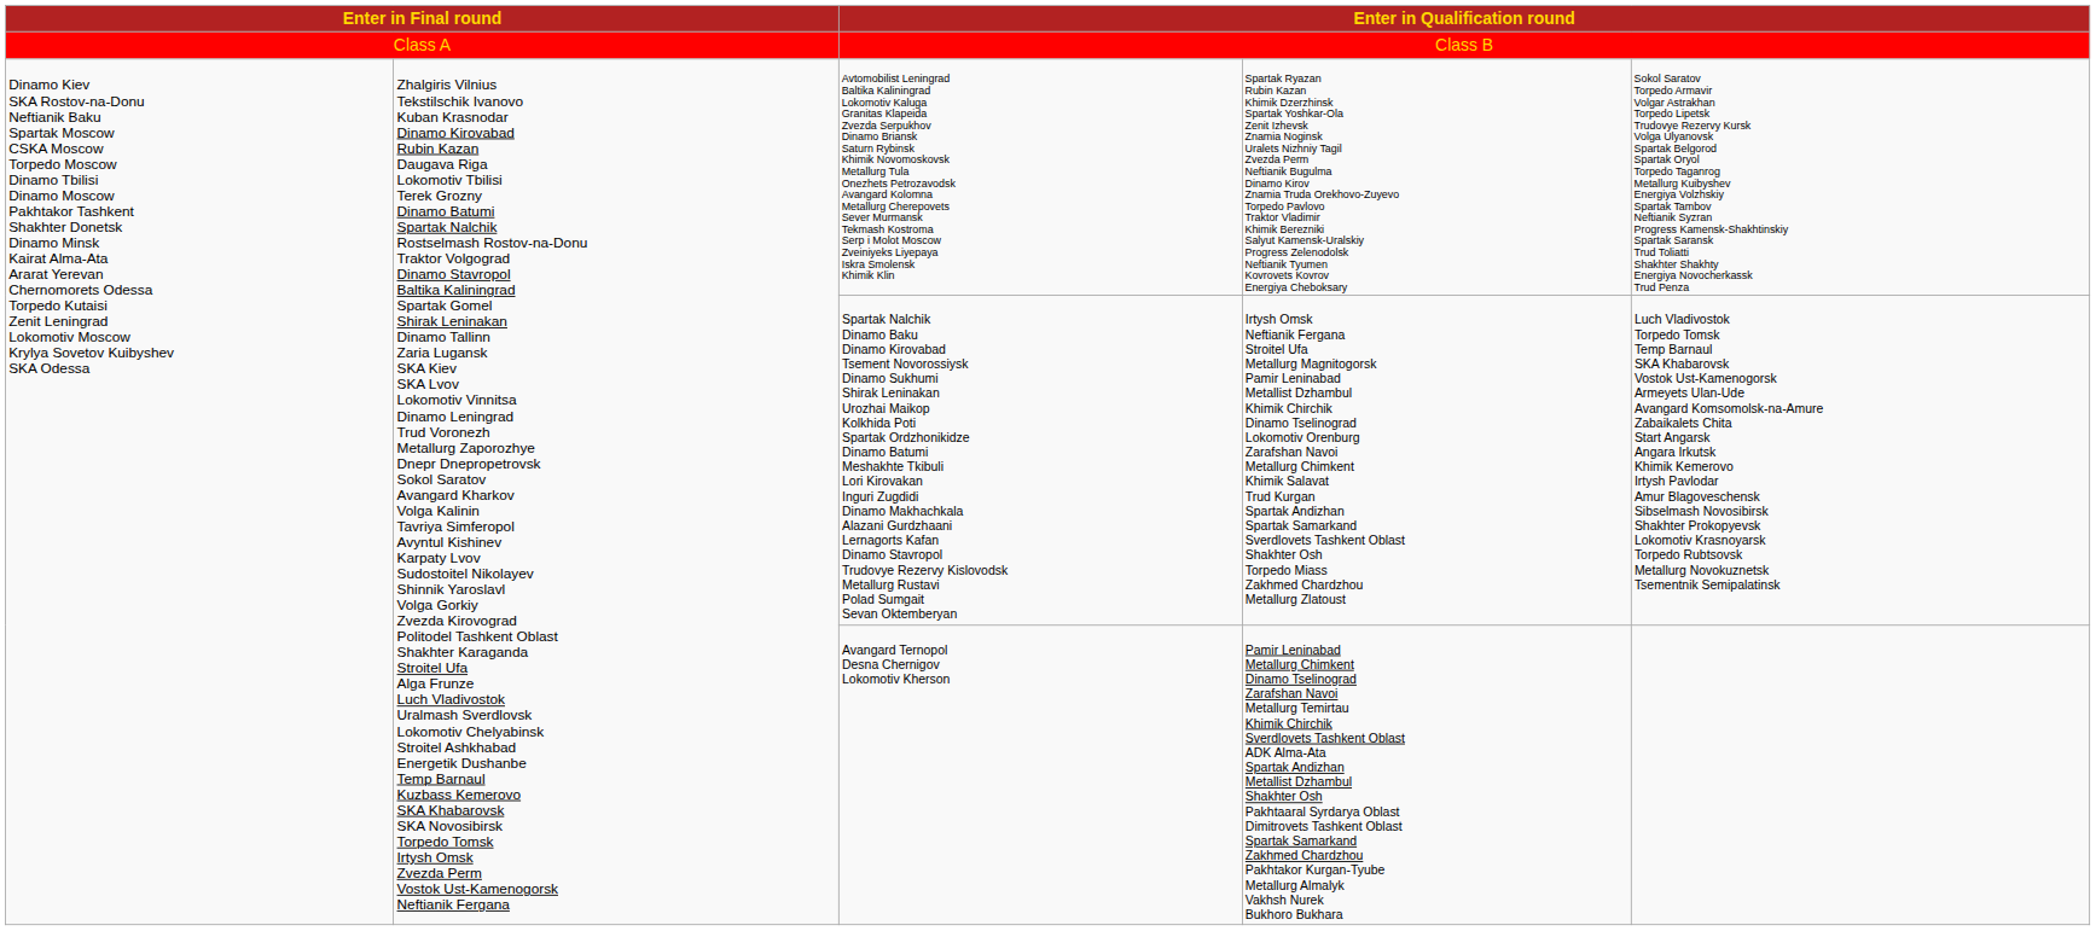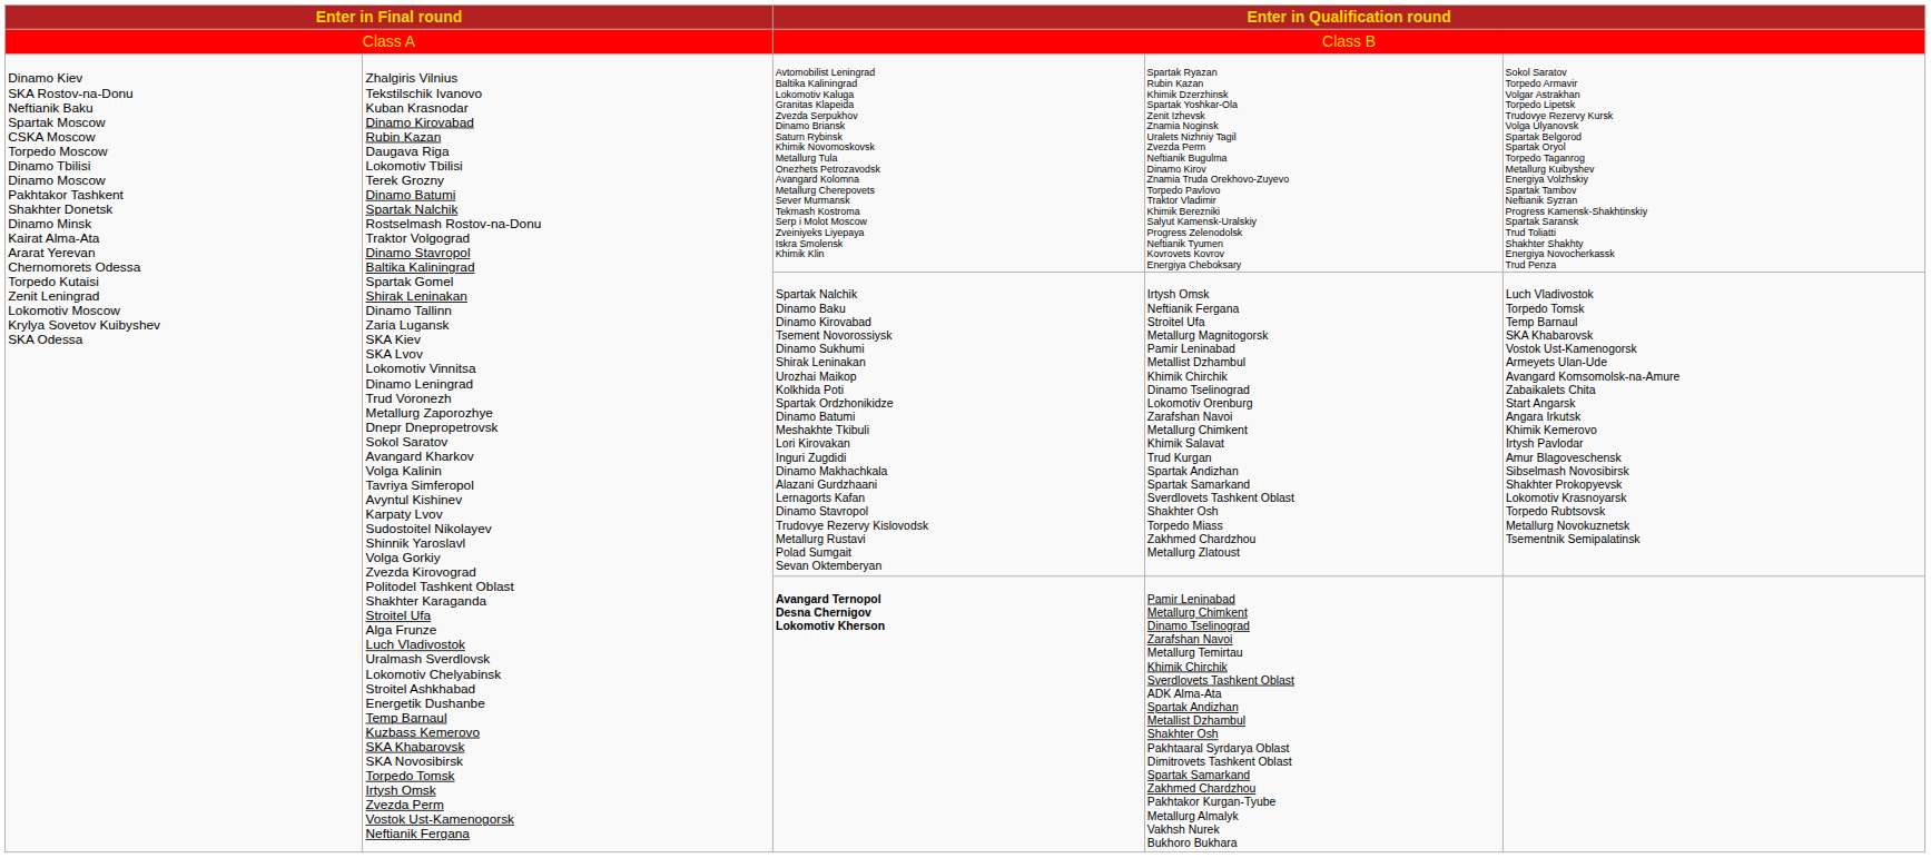 <table class="wikitable" style="width:100%;">
 <tr style="background:Firebrick; text-align:center;">
 <td style="width:40%; color:Gold" colspan="2"><strong>Enter in Final round</strong></td>
 <td style="width:60%; color:Gold" colspan="3"><strong>Enter in Qualification round</strong></td>
 </tr>
 <tr style="background:Red;">
 <td style="text-align:center; width:40%; color:Gold" colspan=2>Class A</td>
 <td style="text-align:center; width:80%; color:Gold" colspan=3>Class B</td>
 </tr>
 <tr style="vertical-align:top; font-size:85%;">
 <td rowspan=4><br> Dinamo Kiev<br>  SKA Rostov-na-Donu<br>  Neftianik Baku<br>  Spartak Moscow<br>  CSKA Moscow<br>  Torpedo Moscow<br>  Dinamo Tbilisi<br>  Dinamo Moscow<br>  Pakhtakor Tashkent<br>  Shakhter Donetsk<br>  Dinamo Minsk<br>  Kairat Alma-Ata<br>  Ararat Yerevan<br>  Chernomorets Odessa<br>  Torpedo Kutaisi<br>  Zenit Leningrad<br>  Lokomotiv Moscow<br>  Krylya Sovetov Kuibyshev<br>  SKA Odessa<br></td>
 <td rowspan=4><br> Zhalgiris Vilnius<br>  Tekstilschik Ivanovo<br>  Kuban Krasnodar<br>  <u>Dinamo Kirovabad</u><br>  <u>Rubin Kazan</u><br>  Daugava Riga<br>  Lokomotiv Tbilisi<br>  Terek Grozny<br>  <u>Dinamo Batumi</u><br>  <u>Spartak Nalchik</u><br>  Rostselmash Rostov-na-Donu<br>  Traktor Volgograd<br>  <u>Dinamo Stavropol</u><br>  <u>Baltika Kaliningrad</u><br>  Spartak Gomel<br>  <u>Shirak Leninakan</u><br>  Dinamo Tallinn<br> Zaria Lugansk<br>  SKA Kiev<br>  SKA Lvov<br>  Lokomotiv Vinnitsa<br>  Dinamo Leningrad<br>  Trud Voronezh<br>  Metallurg Zaporozhye<br>  Dnepr Dnepropetrovsk<br>  Sokol Saratov<br>  Avangard Kharkov<br>  Volga Kalinin<br>  Tavriya Simferopol<br>  Avyntul Kishinev<br>  Karpaty Lvov<br>  Sudostoitel Nikolayev<br>  Shinnik Yaroslavl<br>  Volga Gorkiy<br>  Zvezda Kirovograd<br> Politodel Tashkent Oblast<br>  Shakhter Karaganda<br>  <u>Stroitel Ufa</u><br>  Alga Frunze<br>  <u>Luch Vladivostok</u><br>  Uralmash Sverdlovsk<br>  Lokomotiv Chelyabinsk<br>  Stroitel Ashkhabad<br>  Energetik Dushanbe<br>  <u>Temp Barnaul</u><br>  <u>Kuzbass Kemerovo</u><br>  <u>SKA Khabarovsk</u><br>  SKA Novosibirsk<br>  <u>Torpedo Tomsk</u><br>  <u>Irtysh Omsk</u><br>  <u>Zvezda Perm</u><br>  <u>Vostok Ust-Kamenogorsk</u><br>  <u>Neftianik Fergana</u><br></td>
 <td style="font-size:75%;"><br> Avtomobilist Leningrad<br>  Baltika Kaliningrad<br>  Lokomotiv Kaluga<br>  Granitas Klapeida<br>  Zvezda Serpukhov<br>  Dinamo Briansk<br>  Saturn Rybinsk<br>  Khimik Novomoskovsk<br>  Metallurg Tula<br>  Onezhets Petrozavodsk<br>  Avangard Kolomna<br>  Metallurg Cherepovets<br>  Sever Murmansk<br>  Tekmash Kostroma<br>  Serp i Molot Moscow<br>  Zveiniyeks Liyepaya<br>  Iskra Smolensk<br>  Khimik Klin<br></td>
 <td style="font-size:75%;"><br> Spartak Ryazan<br>  Rubin Kazan<br>  Khimik Dzerzhinsk<br>  Spartak Yoshkar-Ola<br>  Zenit Izhevsk<br>  Znamia Noginsk<br>  Uralets Nizhniy Tagil<br>  Zvezda Perm<br>  Neftianik Bugulma<br>  Dinamo Kirov<br>  Znamia Truda Orekhovo-Zuyevo<br>  Torpedo Pavlovo<br>  Traktor Vladimir<br>  Khimik Berezniki<br>  Salyut Kamensk-Uralskiy<br>  Progress Zelenodolsk<br>  Neftianik Tyumen<br>  Kovrovets Kovrov<br>  Energiya Cheboksary<br></td>
 <td style="font-size:75%;"><br> Sokol Saratov<br>  Torpedo Armavir<br>  Volgar Astrakhan<br>  Torpedo Lipetsk<br>  Trudovye Rezervy Kursk<br>  Volga Ulyanovsk<br>  Spartak Belgorod<br>  Spartak Oryol<br>  Torpedo Taganrog<br>  Metallurg Kuibyshev<br>  Energiya Volzhskiy<br>  Spartak Tambov<br>  Neftianik Syzran<br>  Progress Kamensk-Shakhtinskiy<br>  Spartak Saransk<br>  Trud Toliatti<br>  Shakhter Shakhty<br>  Energiya Novocherkassk<br>  Trud Penza<br></td>
 </tr>
 <tr style="vertical-align:top; font-size:75%;">
 <td><br> Spartak Nalchik<br>  Dinamo Baku<br>  Dinamo Kirovabad<br>  Tsement Novorossiysk<br>  Dinamo Sukhumi<br>  Shirak Leninakan<br>  Urozhai Maikop<br>  Kolkhida Poti<br>  Spartak Ordzhonikidze<br>  Dinamo Batumi<br>  Meshakhte Tkibuli<br>  Lori Kirovakan<br>  Inguri Zugdidi<br>  Dinamo Makhachkala<br>  Alazani Gurdzhaani<br>  Lernagorts Kafan<br>  Dinamo Stavropol<br>  Trudovye Rezervy Kislovodsk<br>  Metallurg Rustavi<br>  Polad Sumgait<br>  Sevan Oktemberyan<br></td>
 <td><br> Irtysh Omsk<br>  Neftianik Fergana<br>  Stroitel Ufa<br>  Metallurg Magnitogorsk<br>  Pamir Leninabad<br>  Metallist Dzhambul<br>  Khimik Chirchik<br>  Dinamo Tselinograd<br>  Lokomotiv Orenburg<br>  Zarafshan Navoi<br>  Metallurg Chimkent<br>  Khimik Salavat<br>  Trud Kurgan<br>  Spartak Andizhan<br>  Spartak Samarkand<br>  Sverdlovets Tashkent Oblast<br>  Shakhter Osh<br>  Torpedo Miass<br>  Zakhmed Chardzhou<br>  Metallurg Zlatoust<br></td>
 <td><br> Luch Vladivostok<br>  Torpedo Tomsk<br>  Temp Barnaul<br>  SKA Khabarovsk<br>  Vostok Ust-Kamenogorsk<br>  Armeyets Ulan-Ude<br>  Avangard Komsomolsk-na-Amure<br>  Zabaikalets Chita<br>  Start Angarsk<br>  Angara Irkutsk<br>  Khimik Kemerovo<br>  Irtysh Pavlodar<br>  Amur Blagoveschensk<br>  Sibselmash Novosibirsk<br>  Shakhter Prokopyevsk<br>  Lokomotiv Krasnoyarsk<br>  Torpedo Rubtsovsk<br>  Metallurg Novokuznetsk<br>  Tsementnik Semipalatinsk<br></td>
 </tr>
 <tr style="vertical-align:top; font-size:75%;">
-<td><br> Avangard Ternopol<br>  Desna Chernigov<br>  Lokomotiv Kherson<br></td>
+<td><strong><br> Avangard Ternopol<br>  Desna Chernigov<br>  Lokomotiv Kherson<br></strong></td>
 <td><br> <u>Pamir Leninabad</u><br>  <u>Metallurg Chimkent</u><br>  <u>Dinamo Tselinograd</u><br>  <u>Zarafshan Navoi</u><br>  Metallurg Temirtau<br>  <u>Khimik Chirchik</u><br>  <u>Sverdlovets Tashkent Oblast</u><br>  ADK Alma-Ata<br>  <u>Spartak Andizhan</u><br>  <u>Metallist Dzhambul</u><br>  <u>Shakhter Osh</u><br>  Pakhtaaral Syrdarya Oblast<br>  Dimitrovets Tashkent Oblast<br>  <u>Spartak Samarkand</u><br>  <u>Zakhmed Chardzhou</u><br>  Pakhtakor Kurgan-Tyube<br>  Metallurg Almalyk<br>  Vakhsh Nurek<br>  Bukhoro Bukhara<br></td>
 </tr>
 </table>
